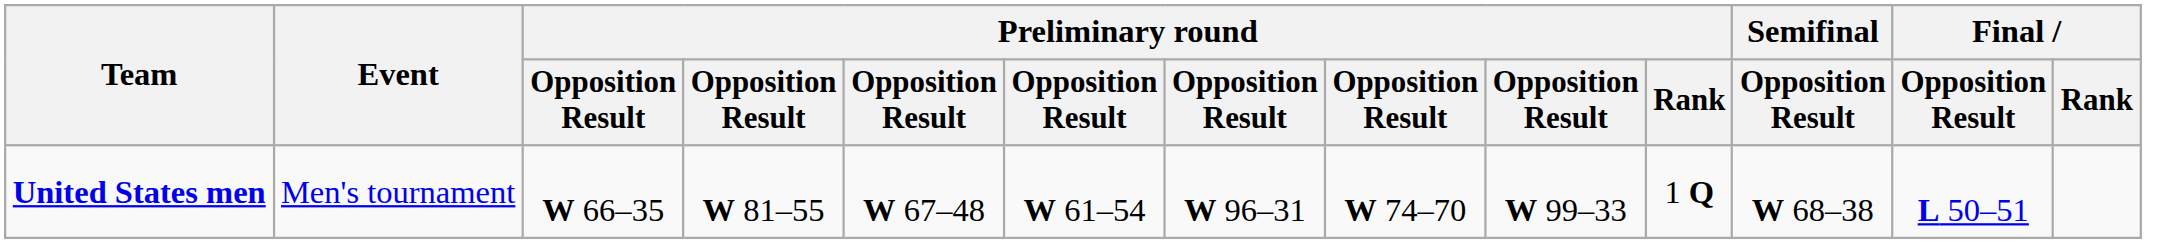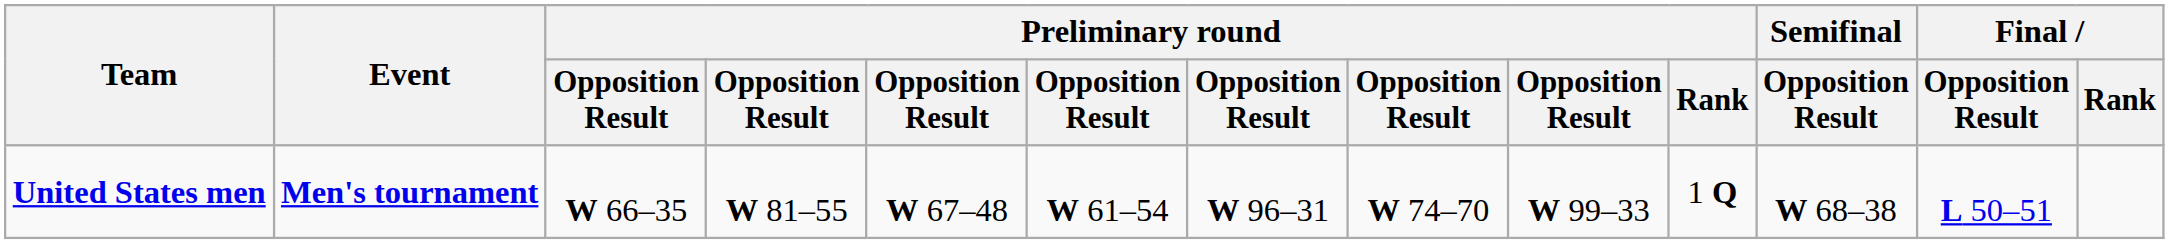 <table class=wikitable style=font-size:90%;text-align:center>
 <tr>
 <th rowspan=2>Team</th>
 <th rowspan=2>Event</th>
 <th colspan=8>Preliminary round</th>
 <th>Semifinal</th>
 <th colspan=2>Final / </th>
 </tr>
 <tr style=font-size:95%>
 <th>Opposition<br>Result</th>
 <th>Opposition<br>Result</th>
 <th>Opposition<br>Result</th>
 <th>Opposition<br>Result</th>
 <th>Opposition<br>Result</th>
 <th>Opposition<br>Result</th>
 <th>Opposition<br>Result</th>
 <th>Rank</th>
 <th>Opposition<br>Result</th>
 <th>Opposition<br>Result</th>
 <th>Rank</th>
 </tr>
 <tr>
 <td align=left><strong><a href='#'>United States men</a></strong></td>
-<td align=left><a href='#'>Men's tournament</a></td>
+<td align=left><strong><a href='#'>Men's tournament</a></strong></td>
 <td><br><strong>W</strong> 66–35</td>
 <td><br><strong>W</strong> 81–55</td>
 <td><br><strong>W</strong> 67–48</td>
 <td><br><strong>W</strong> 61–54</td>
 <td><br><strong>W</strong> 96–31</td>
 <td><br><strong>W</strong> 74–70</td>
 <td><br><strong>W</strong> 99–33</td>
 <td>1 <strong>Q</strong></td>
 <td><br><strong>W</strong> 68–38</td>
 <td><br><a href='#'><strong>L</strong> 50–51</a></td>
 <td></td>
 </tr>
 </table>
